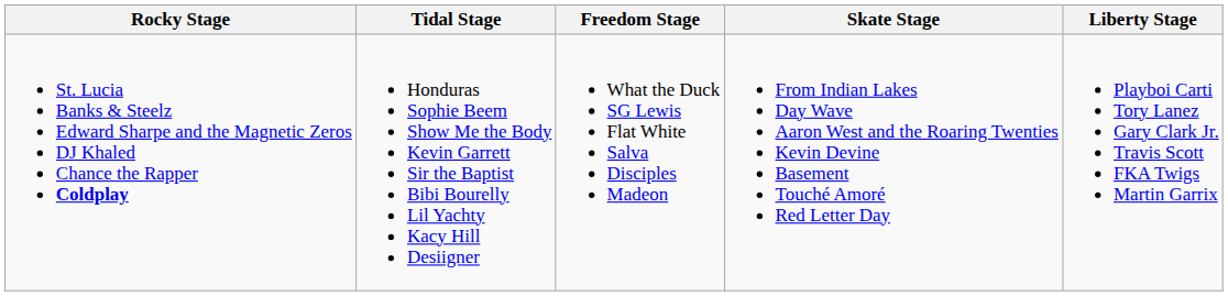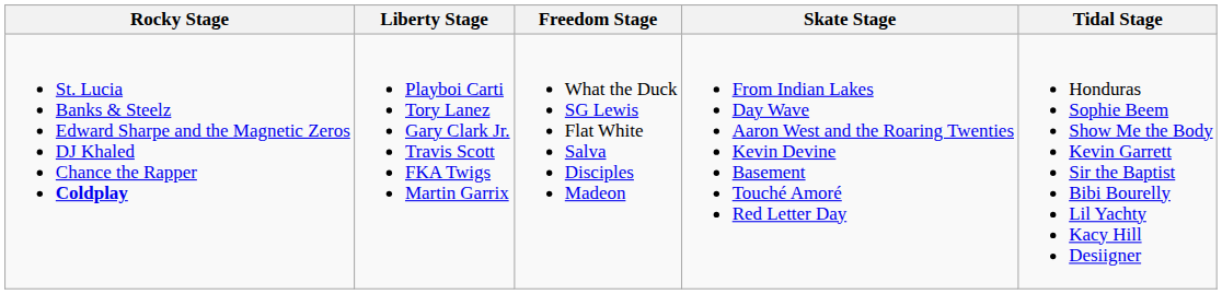 <table class="wikitable">
 <tr>
 <th>Rocky Stage</th>
-<th>Tidal Stage</th>
+<th>Liberty Stage</th>
 <th>Freedom Stage</th>
 <th>Skate Stage</th>
-<th>Liberty Stage</th>
+<th>Tidal Stage</th>
 </tr>
 <tr valign="top">
 <td><br><ul><li><a href='#'>St. Lucia</a></li><li><a href='#'>Banks & Steelz</a></li><li><a href='#'>Edward Sharpe and the Magnetic Zeros</a></li><li><a href='#'>DJ Khaled</a></li><li><a href='#'>Chance the Rapper</a></li><li><strong><a href='#'>Coldplay</a></strong></li></ul></td>
-<td><br><ul><li>Honduras</li><li><a href='#'>Sophie Beem</a></li><li><a href='#'>Show Me the Body</a></li><li><a href='#'>Kevin Garrett</a></li><li><a href='#'>Sir the Baptist</a></li><li><a href='#'>Bibi Bourelly</a></li><li><a href='#'>Lil Yachty</a></li><li><a href='#'>Kacy Hill</a></li><li><a href='#'>Desiigner</a></li></ul></td>
+<td><br><ul><li><a href='#'>Playboi Carti</a></li><li><a href='#'>Tory Lanez</a></li><li><a href='#'>Gary Clark Jr.</a></li><li><a href='#'>Travis Scott</a></li><li><a href='#'>FKA Twigs</a></li><li><a href='#'>Martin Garrix</a></li></ul></td>
 <td><br><ul><li>What the Duck</li><li><a href='#'>SG Lewis</a></li><li>Flat White</li><li><a href='#'>Salva</a></li><li><a href='#'>Disciples</a></li><li><a href='#'>Madeon</a></li></ul></td>
 <td><br><ul><li><a href='#'>From Indian Lakes</a></li><li><a href='#'>Day Wave</a></li><li><a href='#'>Aaron West and the Roaring Twenties</a></li><li><a href='#'>Kevin Devine</a></li><li><a href='#'>Basement</a></li><li><a href='#'>Touché Amoré</a></li><li><a href='#'>Red Letter Day</a></li></ul></td>
-<td><br><ul><li><a href='#'>Playboi Carti</a></li><li><a href='#'>Tory Lanez</a></li><li><a href='#'>Gary Clark Jr.</a></li><li><a href='#'>Travis Scott</a></li><li><a href='#'>FKA Twigs</a></li><li><a href='#'>Martin Garrix</a></li></ul></td>
+<td><br><ul><li>Honduras</li><li><a href='#'>Sophie Beem</a></li><li><a href='#'>Show Me the Body</a></li><li><a href='#'>Kevin Garrett</a></li><li><a href='#'>Sir the Baptist</a></li><li><a href='#'>Bibi Bourelly</a></li><li><a href='#'>Lil Yachty</a></li><li><a href='#'>Kacy Hill</a></li><li><a href='#'>Desiigner</a></li></ul></td>
 </tr>
 </table>
